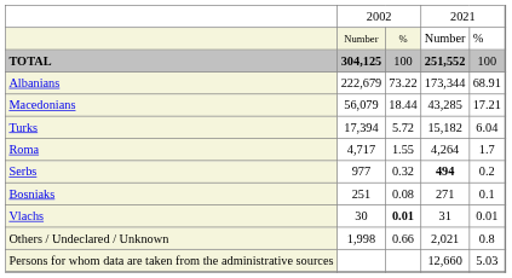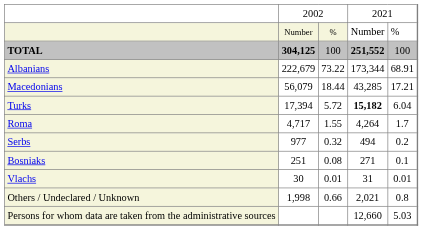 <table border=1 cellpadding=4 cellspacing=0 class="toccolours" style="align: left; margin: 0.5em 0 0 0; border-style: solid; border: 1px solid #7f7f7f; border-right-width: 2px; border-bottom-width: 2px; border-collapse: collapse; font-size: 95%;">
 <tr>
 <td></td>
 <td colspan="2" align="center">2002</td>
 <td colspan="2" align="center">2021</td>
 </tr>
 <tr>
 <td style="background:#F5F5DC;"></td>
 <td style="background:#F5F5DC;" align="center"><small>Number</small></td>
 <td style="background:#F5F5DC;" align="center"><small>%</small></td>
 <td>Number</td>
 <td>%</td>
 </tr>
 <tr>
 <td style="background:#c1c1c1;"><strong>TOTAL</strong></td>
 <td style="background:#c1c1c1;" align="center"><strong>304,125</strong></td>
 <td style="background:#c1c1c1;" align="center">100</td>
 <td style="background:#c1c1c1;" align="center"><strong>251,552</strong></td>
 <td style="background:#c1c1c1;" align="center">100</td>
 </tr>
 <tr>
 <td style="background:#F5F5DC;"><a href='#'>Albanians</a></td>
 <td align="center">222,679</td>
 <td align="center">73.22</td>
 <td align="center">173,344</td>
 <td align="center">68.91</td>
 </tr>
 <tr>
 <td style="background:#F5F5DC;"><a href='#'>Macedonians</a></td>
 <td align="center">56,079</td>
 <td align="center">18.44</td>
 <td align="center">43,285</td>
 <td align="center">17.21</td>
 </tr>
 <tr>
 <td style="background:#F5F5DC;"><a href='#'>Turks</a></td>
 <td align="center">17,394</td>
 <td align="center">5.72</td>
-<td align="center">15,182</td>
+<td align="center"><strong>15,182</strong></td>
 <td align="center">6.04</td>
 </tr>
 <tr>
 <td style="background:#F5F5DC;"><a href='#'>Roma</a></td>
 <td align="center">4,717</td>
 <td align="center">1.55</td>
 <td align="center">4,264</td>
 <td align="center">1.7</td>
 </tr>
 <tr>
 <td style="background:#F5F5DC;"><a href='#'>Serbs</a></td>
 <td align="center">977</td>
 <td align="center">0.32</td>
-<td align="center"><strong>494</strong></td>
+<td align="center">494</td>
 <td align="center">0.2</td>
 </tr>
 <tr>
 <td style="background:#F5F5DC;"><a href='#'>Bosniaks</a></td>
 <td align="center">251</td>
 <td align="center">0.08</td>
 <td align="center">271</td>
 <td align="center">0.1</td>
 </tr>
 <tr>
 <td style="background:#F5F5DC;"><a href='#'>Vlachs</a></td>
 <td align="center">30</td>
-<td align="center"><strong>0.01</strong></td>
+<td align="center">0.01</td>
 <td align="center">31</td>
 <td align="center">0.01</td>
 </tr>
 <tr>
 <td style="background:#F5F5DC;">Others / Undeclared / Unknown</td>
 <td align="center">1,998</td>
 <td align="center">0.66</td>
 <td align="center">2,021</td>
 <td align="center">0.8</td>
 </tr>
 <tr>
 <td style="background:#F5F5DC;">Persons for whom data are taken from the administrative sources</td>
 <td></td>
 <td></td>
 <td align="center">12,660</td>
 <td align="center">5.03</td>
 </tr>
 </table>
